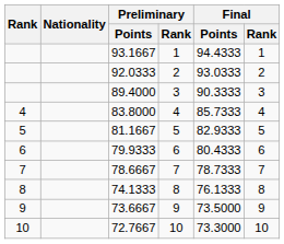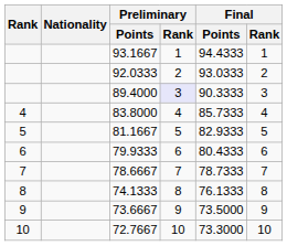 <table class="wikitable" style="text-align:center">
 <tr>
 <th rowspan="2">Rank</th>
 <th rowspan="2">Nationality</th>
 <th colspan="2">Preliminary</th>
 <th colspan="2">Final</th>
 </tr>
 <tr>
 <th>Points</th>
 <th>Rank</th>
 <th>Points</th>
 <th>Rank</th>
 </tr>
 <tr>
 <td></td>
 <td align=left></td>
 <td>93.1667</td>
 <td>1</td>
 <td>94.4333</td>
 <td>1</td>
 </tr>
 <tr>
 <td></td>
 <td align=left></td>
 <td>92.0333</td>
 <td>2</td>
 <td>93.0333</td>
 <td>2</td>
 </tr>
 <tr>
 <td></td>
 <td align=left></td>
 <td>89.4000</td>
-<td>3</td>
+<td style="background: lavender;">3</td>
 <td>90.3333</td>
 <td>3</td>
 </tr>
 <tr>
 <td>4</td>
 <td align=left></td>
 <td>83.8000</td>
 <td>4</td>
 <td>85.7333</td>
 <td>4</td>
 </tr>
 <tr>
 <td>5</td>
 <td align=left></td>
 <td>81.1667</td>
 <td>5</td>
 <td>82.9333</td>
 <td>5</td>
 </tr>
 <tr>
 <td>6</td>
 <td align=left></td>
 <td>79.9333</td>
 <td>6</td>
 <td>80.4333</td>
 <td>6</td>
 </tr>
 <tr>
 <td>7</td>
 <td align=left></td>
 <td>78.6667</td>
 <td>7</td>
 <td>78.7333</td>
 <td>7</td>
 </tr>
 <tr>
 <td>8</td>
 <td align=left></td>
 <td>74.1333</td>
 <td>8</td>
 <td>76.1333</td>
 <td>8</td>
 </tr>
 <tr>
 <td>9</td>
 <td align=left></td>
 <td>73.6667</td>
 <td>9</td>
 <td>73.5000</td>
 <td>9</td>
 </tr>
 <tr>
 <td>10</td>
 <td align=left></td>
 <td>72.7667</td>
 <td>10</td>
 <td>73.3000</td>
 <td>10</td>
 </tr>
 </table>
